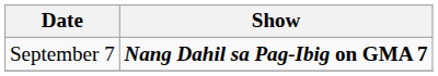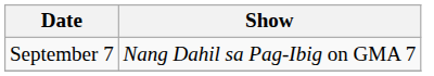 <table class="wikitable">
 <tr>
 <th>Date</th>
 <th>Show</th>
 </tr>
 <tr>
 <td>September 7</td>
-<td><strong><em>Nang Dahil sa Pag-Ibig </em> on GMA 7</strong></td>
+<td><em>Nang Dahil sa Pag-Ibig </em> on GMA 7</td>
 </tr>
 <tr>
 </tr>
 </table>
